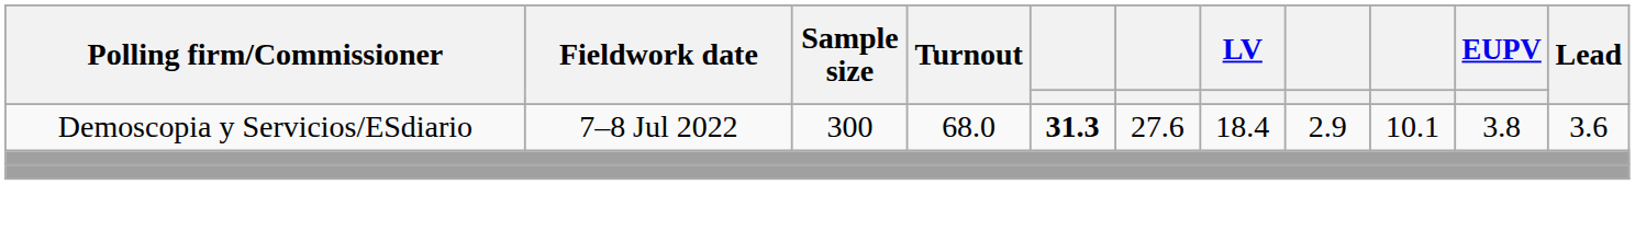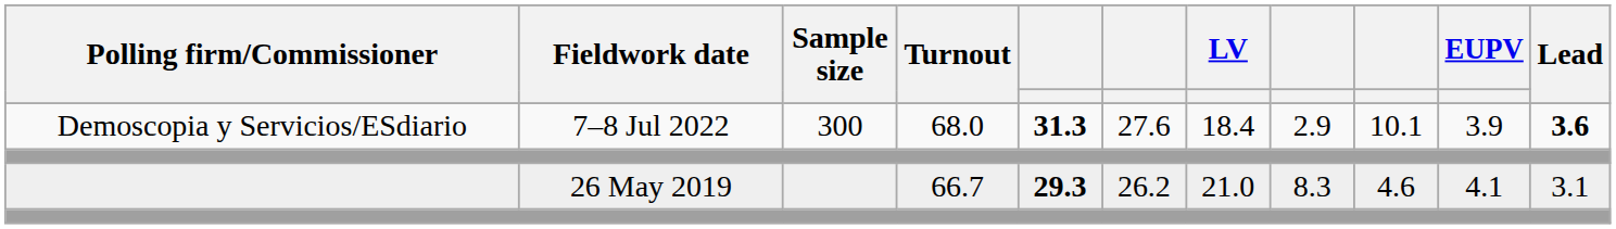 <table class="wikitable collapsible collapsed" style="text-align:center; font-size:95%; line-height:16px;">
 <tr style="height:42px;">
 <th style="width:250px;" rowspan="2">Polling firm/Commissioner</th>
 <th style="width:125px;" rowspan="2">Fieldwork date</th>
 <th style="width:50px;" rowspan="2">Sample size</th>
 <th style="width:45px;" rowspan="2">Turnout</th>
 <th style="width:35px;"></th>
 <th style="width:35px;"></th>
 <th style="width:35px;"><a href='#'>LV</a></th>
 <th style="width:35px;"></th>
 <th style="width:35px;"></th>
 <th style="width:35px; font-size:95%;"><a href='#'>EUPV</a></th>
 <th style="width:30px;" rowspan="2">Lead</th>
 </tr>
 <tr>
 <th style="color:inherit;background:"></th>
 <th style="color:inherit;background:"></th>
 <th style="color:inherit;background:"></th>
 <th style="color:inherit;background:"></th>
 <th style="color:inherit;background:"></th>
 <th style="color:inherit;background:"></th>
 </tr>
 <tr>
 <td>Demoscopia y Servicios/ESdiario</td>
 <td>7–8 Jul 2022</td>
 <td>300</td>
 <td>68.0</td>
 <td><strong>31.3</strong><br></td>
 <td>27.6<br></td>
 <td>18.4<br></td>
 <td>2.9<br></td>
 <td>10.1<br></td>
-<td>3.8<br></td>
-<td style="background:">3.6</td>
+<td>3.9<br></td>
+<td style="background:"><strong>3.6</strong></td>
 </tr>
 <tr>
 <td colspan="11" style="background:#A0A0A0"></td>
+</tr>
+<tr style="background:#EFEFEF;">
+<td><strong></strong></td>
+<td>26 May 2019</td>
+<td></td>
+<td>66.7</td>
+<td><strong>29.3</strong><br></td>
+<td>26.2<br></td>
+<td>21.0<br></td>
+<td>8.3<br></td>
+<td>4.6<br></td>
+<td>4.1<br></td>
+<td style="background:">3.1</td>
 </tr>
 <tr>
 <td colspan="11" style="background:#A0A0A0"></td>
 </tr>
 </table>
